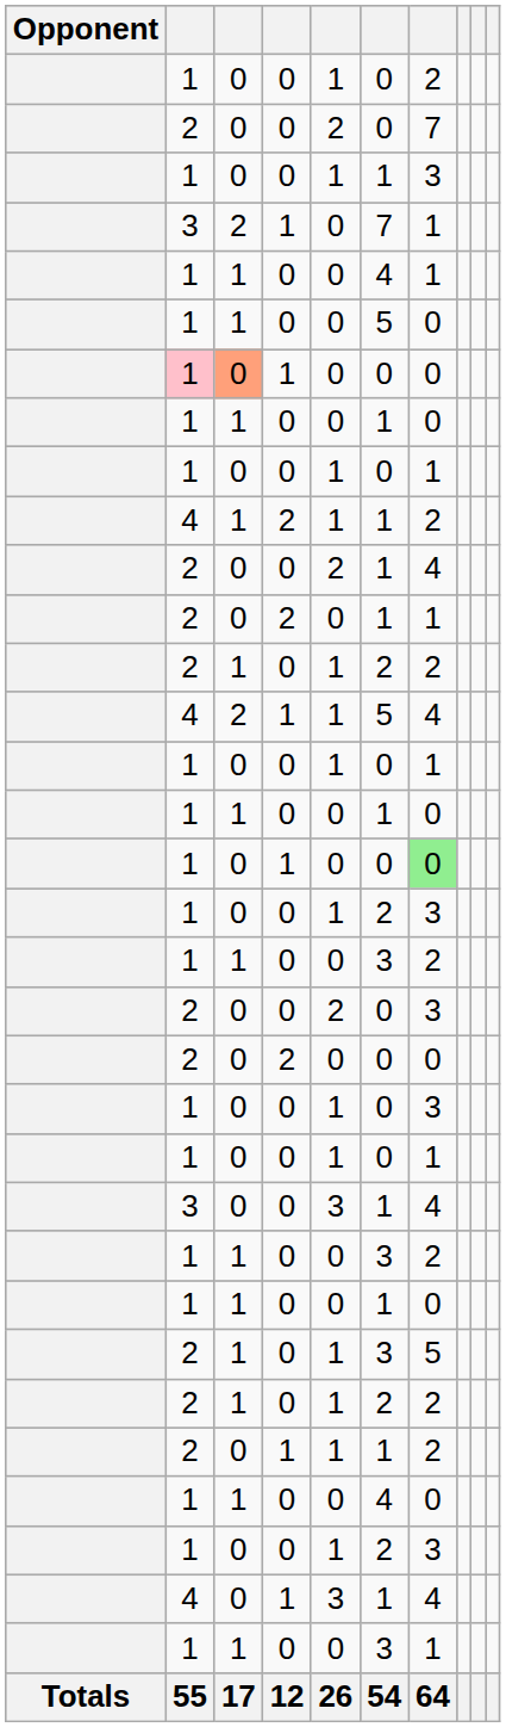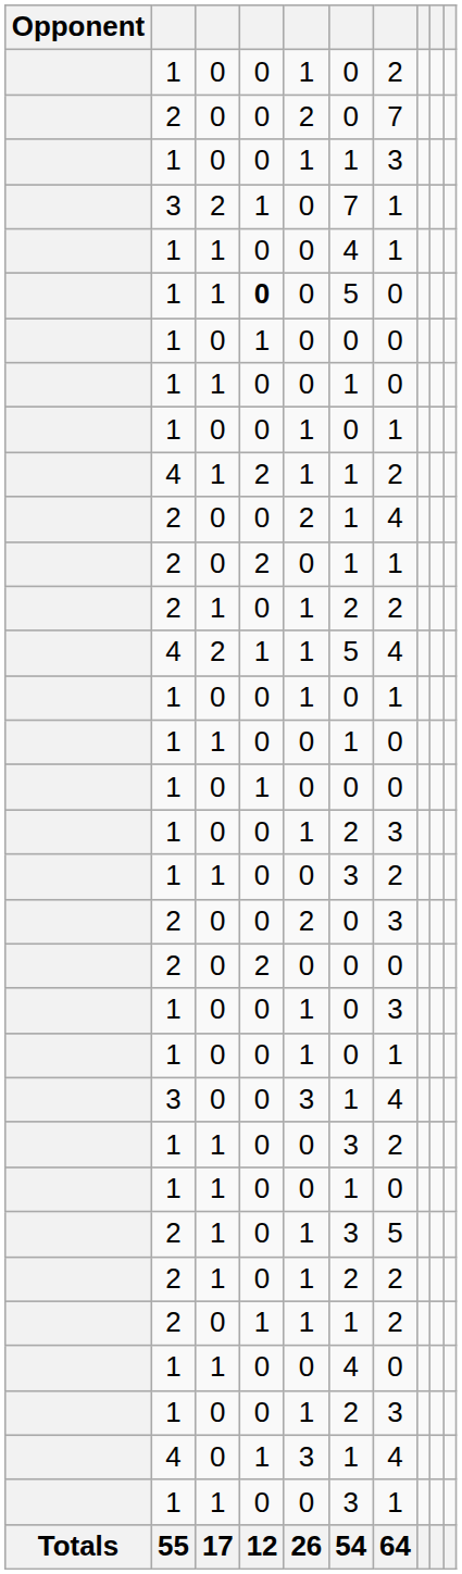 <table class="wikitable plainrowheaders sortable" style="text-align:center">
 <tr>
 <th scope=col>Opponent</th>
 <th scope=col></th>
 <th scope=col></th>
 <th scope=col></th>
 <th scope=col></th>
 <th scope=col></th>
 <th scope=col></th>
 <th scope=col></th>
 <th scope=col></th>
 <th scope=col></th>
 </tr>
 <tr>
 <th scope=row style="text-align:left;"></th>
 <td>1</td>
 <td>0</td>
 <td>0</td>
 <td>1</td>
 <td>0</td>
 <td>2</td>
 <td></td>
 <td></td>
 <td></td>
 </tr>
 <tr>
 <th scope=row style="text-align:left;"></th>
 <td>2</td>
 <td>0</td>
 <td>0</td>
 <td>2</td>
 <td>0</td>
 <td>7</td>
 <td></td>
 <td></td>
 <td></td>
 </tr>
 <tr>
 <th scope=row style="text-align:left;"></th>
 <td>1</td>
 <td>0</td>
 <td>0</td>
 <td>1</td>
 <td>1</td>
 <td>3</td>
 <td></td>
 <td></td>
 <td></td>
 </tr>
 <tr>
 <th scope=row style="text-align:left;"></th>
 <td>3</td>
 <td>2</td>
 <td>1</td>
 <td>0</td>
 <td>7</td>
 <td>1</td>
 <td></td>
 <td></td>
 <td></td>
 </tr>
 <tr>
 <th scope=row style="text-align:left;"></th>
 <td>1</td>
 <td>1</td>
 <td>0</td>
 <td>0</td>
 <td>4</td>
 <td>1</td>
 <td></td>
 <td></td>
 <td></td>
 </tr>
 <tr>
 <th scope=row style="text-align:left;"></th>
 <td>1</td>
 <td>1</td>
-<td>0</td>
+<td><strong>0</strong></td>
 <td>0</td>
 <td>5</td>
 <td>0</td>
 <td></td>
 <td></td>
 <td></td>
 </tr>
 <tr>
 <th scope=row style="text-align:left;"></th>
-<td style="background: pink;">1</td>
-<td style="background: lightsalmon;">0</td>
+<td>1</td>
+<td>0</td>
 <td>1</td>
 <td>0</td>
 <td>0</td>
 <td>0</td>
 <td></td>
 <td></td>
 <td></td>
 </tr>
 <tr>
 <th scope=row style="text-align:left;"></th>
 <td>1</td>
 <td>1</td>
 <td>0</td>
 <td>0</td>
 <td>1</td>
 <td>0</td>
 <td></td>
 <td></td>
 <td></td>
 </tr>
 <tr>
 <th scope=row style="text-align:left;"></th>
 <td>1</td>
 <td>0</td>
 <td>0</td>
 <td>1</td>
 <td>0</td>
 <td>1</td>
 <td></td>
 <td></td>
 <td></td>
 </tr>
 <tr>
 <th scope=row style="text-align:left;"></th>
 <td>4</td>
 <td>1</td>
 <td>2</td>
 <td>1</td>
 <td>1</td>
 <td>2</td>
 <td></td>
 <td></td>
 <td></td>
 </tr>
 <tr>
 <th scope=row style="text-align:left;"></th>
 <td>2</td>
 <td>0</td>
 <td>0</td>
 <td>2</td>
 <td>1</td>
 <td>4</td>
 <td></td>
 <td></td>
 <td></td>
 </tr>
 <tr>
 <th scope=row style="text-align:left;"></th>
 <td>2</td>
 <td>0</td>
 <td>2</td>
 <td>0</td>
 <td>1</td>
 <td>1</td>
 <td></td>
 <td></td>
 <td></td>
 </tr>
 <tr>
 <th scope=row style="text-align:left;"></th>
 <td>2</td>
 <td>1</td>
 <td>0</td>
 <td>1</td>
 <td>2</td>
 <td>2</td>
 <td></td>
 <td></td>
 <td></td>
 </tr>
 <tr>
 <th scope=row style="text-align:left;"></th>
 <td>4</td>
 <td>2</td>
 <td>1</td>
 <td>1</td>
 <td>5</td>
 <td>4</td>
 <td></td>
 <td></td>
 <td></td>
 </tr>
 <tr>
 <th scope=row style="text-align:left;"></th>
 <td>1</td>
 <td>0</td>
 <td>0</td>
 <td>1</td>
 <td>0</td>
 <td>1</td>
 <td></td>
 <td></td>
 <td></td>
 </tr>
 <tr>
 <th scope=row style="text-align:left;"></th>
 <td>1</td>
 <td>1</td>
 <td>0</td>
 <td>0</td>
 <td>1</td>
 <td>0</td>
 <td></td>
 <td></td>
 <td></td>
 </tr>
 <tr>
 <th scope=row style="text-align:left;"></th>
 <td>1</td>
 <td>0</td>
 <td>1</td>
 <td>0</td>
 <td>0</td>
-<td style="background: lightgreen;">0</td>
+<td>0</td>
 <td></td>
 <td></td>
 <td></td>
 </tr>
 <tr>
 <th scope=row style="text-align:left;"></th>
 <td>1</td>
 <td>0</td>
 <td>0</td>
 <td>1</td>
 <td>2</td>
 <td>3</td>
 <td></td>
 <td></td>
 <td></td>
 </tr>
 <tr>
 <th scope=row style="text-align:left;"></th>
 <td>1</td>
 <td>1</td>
 <td>0</td>
 <td>0</td>
 <td>3</td>
 <td>2</td>
 <td></td>
 <td></td>
 <td></td>
 </tr>
 <tr>
 <th scope=row style="text-align:left;"></th>
 <td>2</td>
 <td>0</td>
 <td>0</td>
 <td>2</td>
 <td>0</td>
 <td>3</td>
 <td></td>
 <td></td>
 <td></td>
 </tr>
 <tr>
 <th scope=row style="text-align:left;"></th>
 <td>2</td>
 <td>0</td>
 <td>2</td>
 <td>0</td>
 <td>0</td>
 <td>0</td>
 <td></td>
 <td></td>
 <td></td>
 </tr>
 <tr>
 <th scope=row style="text-align:left;"></th>
 <td>1</td>
 <td>0</td>
 <td>0</td>
 <td>1</td>
 <td>0</td>
 <td>3</td>
 <td></td>
 <td></td>
 <td></td>
 </tr>
 <tr>
 <th scope=row style="text-align:left;"></th>
 <td>1</td>
 <td>0</td>
 <td>0</td>
 <td>1</td>
 <td>0</td>
 <td>1</td>
 <td></td>
 <td></td>
 <td></td>
 </tr>
 <tr>
 <th scope=row style="text-align:left;"></th>
 <td>3</td>
 <td>0</td>
 <td>0</td>
 <td>3</td>
 <td>1</td>
 <td>4</td>
 <td></td>
 <td></td>
 <td></td>
 </tr>
 <tr>
 <th scope=row style="text-align:left;"></th>
 <td>1</td>
 <td>1</td>
 <td>0</td>
 <td>0</td>
 <td>3</td>
 <td>2</td>
 <td></td>
 <td></td>
 <td></td>
 </tr>
 <tr>
 <th scope=row style="text-align:left;"></th>
 <td>1</td>
 <td>1</td>
 <td>0</td>
 <td>0</td>
 <td>1</td>
 <td>0</td>
 <td></td>
 <td></td>
 <td></td>
 </tr>
 <tr>
 <th scope=row style="text-align:left;"></th>
 <td>2</td>
 <td>1</td>
 <td>0</td>
 <td>1</td>
 <td>3</td>
 <td>5</td>
 <td></td>
 <td></td>
 <td></td>
 </tr>
 <tr>
 <th scope=row style="text-align:left;"></th>
 <td>2</td>
 <td>1</td>
 <td>0</td>
 <td>1</td>
 <td>2</td>
 <td>2</td>
 <td></td>
 <td></td>
 <td></td>
 </tr>
 <tr>
 <th scope=row style="text-align:left;"></th>
 <td>2</td>
 <td>0</td>
 <td>1</td>
 <td>1</td>
 <td>1</td>
 <td>2</td>
 <td></td>
 <td></td>
 <td></td>
 </tr>
 <tr>
 <th scope=row style="text-align:left;"></th>
 <td>1</td>
 <td>1</td>
 <td>0</td>
 <td>0</td>
 <td>4</td>
 <td>0</td>
 <td></td>
 <td></td>
 <td></td>
 </tr>
 <tr>
 <th scope=row style="text-align:left;"></th>
 <td>1</td>
 <td>0</td>
 <td>0</td>
 <td>1</td>
 <td>2</td>
 <td>3</td>
 <td></td>
 <td></td>
 <td></td>
 </tr>
 <tr>
 <th scope=row style="text-align:left;"></th>
 <td>4</td>
 <td>0</td>
 <td>1</td>
 <td>3</td>
 <td>1</td>
 <td>4</td>
 <td></td>
 <td></td>
 <td></td>
 </tr>
 <tr>
 <th scope=row style="text-align:left;"></th>
 <td>1</td>
 <td>1</td>
 <td>0</td>
 <td>0</td>
 <td>3</td>
 <td>1</td>
 <td></td>
 <td></td>
 <td></td>
 </tr>
 <tr class="sortbottom">
 <th>Totals</th>
 <th>55</th>
 <th>17</th>
 <th>12</th>
 <th>26</th>
 <th>54</th>
 <th>64</th>
 <th></th>
 <th></th>
 <th></th>
 </tr>
 </table>
